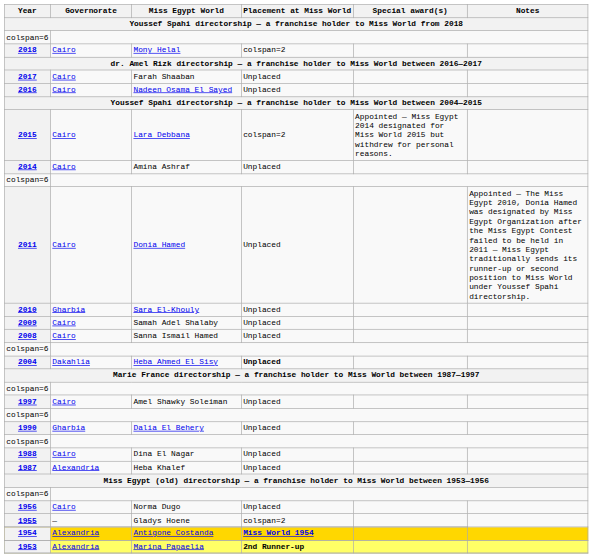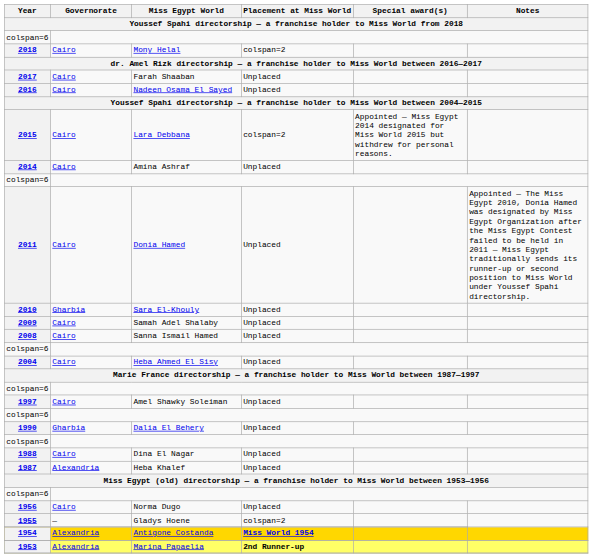 <table class="wikitable " style="font-size: 90%;">
 <tr>
 <th width="60">Year</th>
 <th width="150">Governorate</th>
 <th width="250">Miss Egypt World</th>
 <th width="250">Placement at Miss World</th>
 <th width="250">Special award(s)</th>
 <th width="250">Notes</th>
 </tr>
 <tr>
 <th colspan="6">Youssef Spahi directorship — a franchise holder to Miss World from 2018</th>
 </tr>
 <tr>
 <td>colspan=6 </td>
 </tr>
 <tr>
 <th><a href='#'>2018</a></th>
 <td><a href='#'>Cairo</a></td>
 <td><a href='#'>Mony Helal</a></td>
 <td>colspan=2 </td>
 <td></td>
 <td></td>
 </tr>
 <tr>
 <th colspan="6">dr. Amel Rizk directorship — a franchise holder to Miss World between 2016―2017</th>
 </tr>
 <tr>
 <th><a href='#'>2017</a></th>
 <td><a href='#'>Cairo</a></td>
 <td>Farah Shaaban</td>
 <td>Unplaced</td>
 <td></td>
 <td></td>
 </tr>
 <tr>
 <th><a href='#'>2016</a></th>
 <td><a href='#'>Cairo</a></td>
 <td><a href='#'>Nadeen Osama El Sayed</a></td>
 <td>Unplaced</td>
 <td></td>
 <td></td>
 </tr>
 <tr>
 <th colspan="6">Youssef Spahi directorship — a franchise holder to Miss World between 2004―2015</th>
 </tr>
 <tr>
 <th><a href='#'>2015</a></th>
 <td><a href='#'>Cairo</a></td>
 <td><a href='#'>Lara Debbana</a></td>
 <td>colspan=2 </td>
 <td>Appointed — Miss Egypt 2014 designated for Miss World 2015 but withdrew for personal reasons.</td>
 </tr>
 <tr>
 <th><a href='#'>2014</a></th>
 <td><a href='#'>Cairo</a></td>
 <td>Amina Ashraf</td>
 <td>Unplaced</td>
 <td></td>
 <td></td>
 </tr>
 <tr>
 <td>colspan=6 </td>
 </tr>
 <tr>
 <th><a href='#'>2011</a></th>
 <td><a href='#'>Cairo</a></td>
 <td><a href='#'>Donia Hamed</a></td>
 <td>Unplaced</td>
 <td></td>
 <td>Appointed — The Miss Egypt 2010, Donia Hamed was designated by Miss Egypt Organization after the Miss Egypt Contest failed to be held in 2011 — Miss Egypt traditionally sends its runner-up or second position to Miss World under Youssef Spahi directorship.</td>
 </tr>
 <tr>
 <th><a href='#'>2010</a></th>
 <td><a href='#'>Gharbia</a></td>
 <td><a href='#'>Sara El-Khouly</a></td>
 <td>Unplaced</td>
 <td></td>
 <td></td>
 </tr>
 <tr>
 <th><a href='#'>2009</a></th>
 <td><a href='#'>Cairo</a></td>
 <td>Samah Adel Shalaby</td>
 <td>Unplaced</td>
 <td></td>
 <td></td>
 </tr>
 <tr>
 <th><a href='#'>2008</a></th>
 <td><a href='#'>Cairo</a></td>
 <td>Sanna Ismail Hamed</td>
 <td>Unplaced</td>
 <td></td>
 <td></td>
 </tr>
 <tr>
 <td>colspan=6 </td>
 </tr>
 <tr>
 <th><a href='#'>2004</a></th>
-<td><a href='#'>Dakahlia</a></td>
+<td><a href='#'>Cairo</a></td>
 <td><a href='#'>Heba Ahmed El Sisy</a></td>
-<td><strong>Unplaced</strong></td>
+<td>Unplaced</td>
 <td></td>
 <td></td>
 </tr>
 <tr>
 <th colspan="6">Marie France directorship — a franchise holder to Miss World between 1987―1997</th>
 </tr>
 <tr>
 <td>colspan=6 </td>
 </tr>
 <tr>
 <th><a href='#'>1997</a></th>
 <td><a href='#'>Cairo</a></td>
 <td>Amel Shawky Soleiman</td>
 <td>Unplaced</td>
 <td></td>
 <td></td>
 </tr>
 <tr>
 <td>colspan=6 </td>
 </tr>
 <tr>
 <th><a href='#'>1990</a></th>
 <td><a href='#'>Gharbia</a></td>
 <td><a href='#'>Dalia El Behery</a></td>
 <td>Unplaced</td>
 <td></td>
 <td></td>
 </tr>
 <tr>
 <td>colspan=6 </td>
 </tr>
 <tr>
 <th><a href='#'>1988</a></th>
 <td><a href='#'>Cairo</a></td>
 <td>Dina El Nagar</td>
 <td>Unplaced</td>
 <td></td>
 <td></td>
 </tr>
 <tr>
 <th><a href='#'>1987</a></th>
 <td><a href='#'>Alexandria</a></td>
 <td>Heba Khalef</td>
 <td>Unplaced</td>
 <td></td>
 <td></td>
 </tr>
 <tr>
 <th colspan="6">Miss Egypt (old) directorship — a franchise holder to Miss World between 1953―1956</th>
 </tr>
 <tr>
 <td>colspan=6 </td>
 </tr>
 <tr>
 <th><a href='#'>1956</a></th>
 <td><a href='#'>Cairo</a></td>
 <td>Norma Dugo</td>
 <td>Unplaced</td>
 <td></td>
 <td></td>
 </tr>
 <tr>
 <th><a href='#'>1955</a></th>
 <td>―</td>
 <td>Gladys Hoene</td>
 <td>colspan=2 </td>
 <td></td>
 </tr>
 <tr>
 </tr>
 <tr style="background-color:gold;  ">
 <th><a href='#'>1954</a></th>
 <td><a href='#'>Alexandria</a></td>
 <td><a href='#'>Antigone Costanda</a></td>
 <td><strong><a href='#'>Miss World 1954</a></strong></td>
 <td></td>
 <td></td>
 </tr>
 <tr>
 </tr>
 <tr style="background-color:#FFFF66; ">
 <th><a href='#'>1953</a></th>
 <td><a href='#'>Alexandria</a></td>
 <td><a href='#'>Marina Papaelia</a></td>
 <td><strong>2nd Runner-up</strong></td>
 <td></td>
 <td></td>
 </tr>
 <tr>
 </tr>
 </table>
